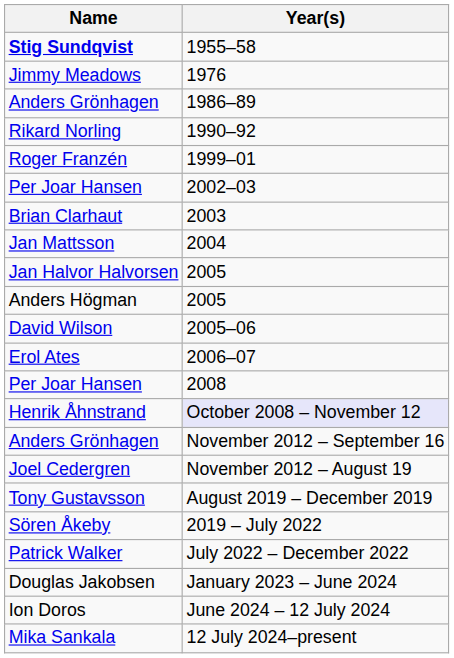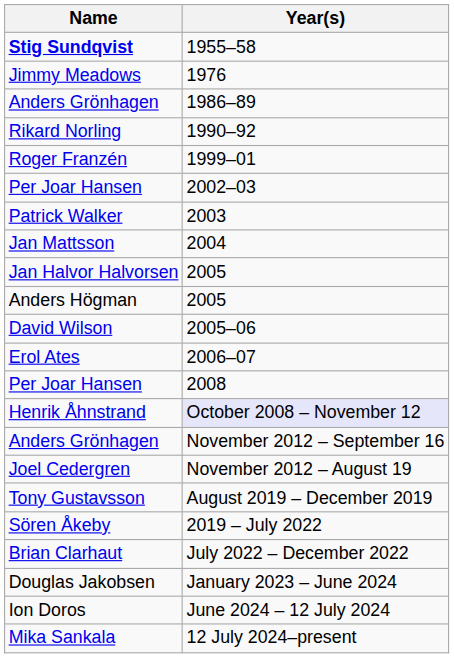 <table class="wikitable">
 <tr>
 <th>Name</th>
 <th>Year(s)</th>
 </tr>
 <tr>
 <td><strong> <a href='#'>Stig Sundqvist</a></strong></td>
 <td>1955–58</td>
 </tr>
 <tr>
 <td> <a href='#'>Jimmy Meadows</a></td>
 <td>1976</td>
 </tr>
 <tr>
 <td> <a href='#'>Anders Grönhagen</a></td>
 <td>1986–89</td>
 </tr>
 <tr>
 <td> <a href='#'>Rikard Norling</a></td>
 <td>1990–92</td>
 </tr>
 <tr>
 <td><a href='#'>Roger Franzén</a></td>
 <td>1999–01</td>
 </tr>
 <tr>
 <td> <a href='#'>Per Joar Hansen</a></td>
 <td>2002–03</td>
 </tr>
 <tr>
-<td> <a href='#'>Brian Clarhaut</a></td>
+<td> <a href='#'>Patrick Walker</a></td>
 <td>2003</td>
 </tr>
 <tr>
 <td> <a href='#'>Jan Mattsson</a></td>
 <td>2004</td>
 </tr>
 <tr>
 <td> <a href='#'>Jan Halvor Halvorsen</a></td>
 <td>2005</td>
 </tr>
 <tr>
 <td> Anders Högman</td>
 <td>2005</td>
 </tr>
 <tr>
 <td> <a href='#'>David Wilson</a></td>
 <td>2005–06</td>
 </tr>
 <tr>
 <td> <a href='#'>Erol Ates</a></td>
 <td>2006–07</td>
 </tr>
 <tr>
 <td> <a href='#'>Per Joar Hansen</a></td>
 <td>2008</td>
 </tr>
 <tr>
 <td> <a href='#'>Henrik Åhnstrand</a></td>
 <td style="background: lavender;">October 2008 – November 12</td>
 </tr>
 <tr>
 <td> <a href='#'>Anders Grönhagen</a></td>
 <td>November 2012 – September 16</td>
 </tr>
 <tr>
 <td> <a href='#'>Joel Cedergren</a></td>
 <td>November 2012 – August 19</td>
 </tr>
 <tr>
 <td> <a href='#'>Tony Gustavsson</a></td>
 <td>August 2019 – December 2019</td>
 </tr>
 <tr>
 <td> <a href='#'>Sören Åkeby</a></td>
 <td>2019 – July 2022</td>
 </tr>
 <tr>
-<td> <a href='#'>Patrick Walker</a></td>
+<td> <a href='#'>Brian Clarhaut</a></td>
 <td>July 2022 – December 2022</td>
 </tr>
 <tr>
 <td> Douglas Jakobsen</td>
 <td>January 2023 – June 2024</td>
 </tr>
 <tr>
 <td> Ion Doros</td>
 <td>June 2024 – 12 July 2024</td>
 </tr>
 <tr>
 <td> <a href='#'>Mika Sankala</a></td>
 <td>12 July 2024–present</td>
 </tr>
 </table>
